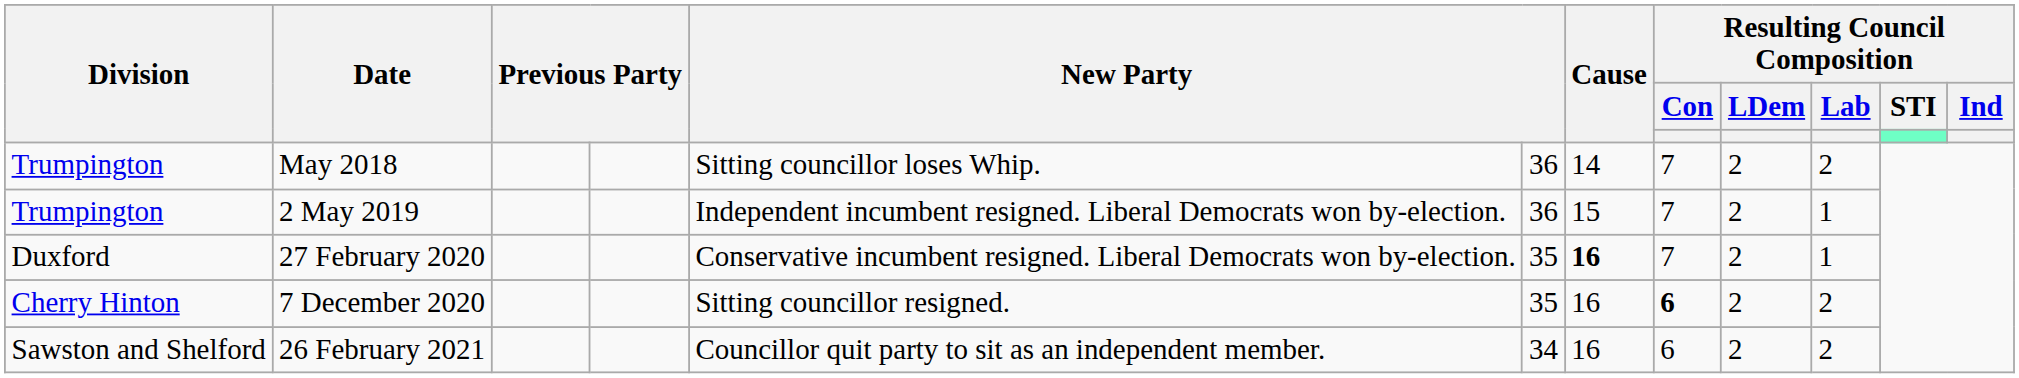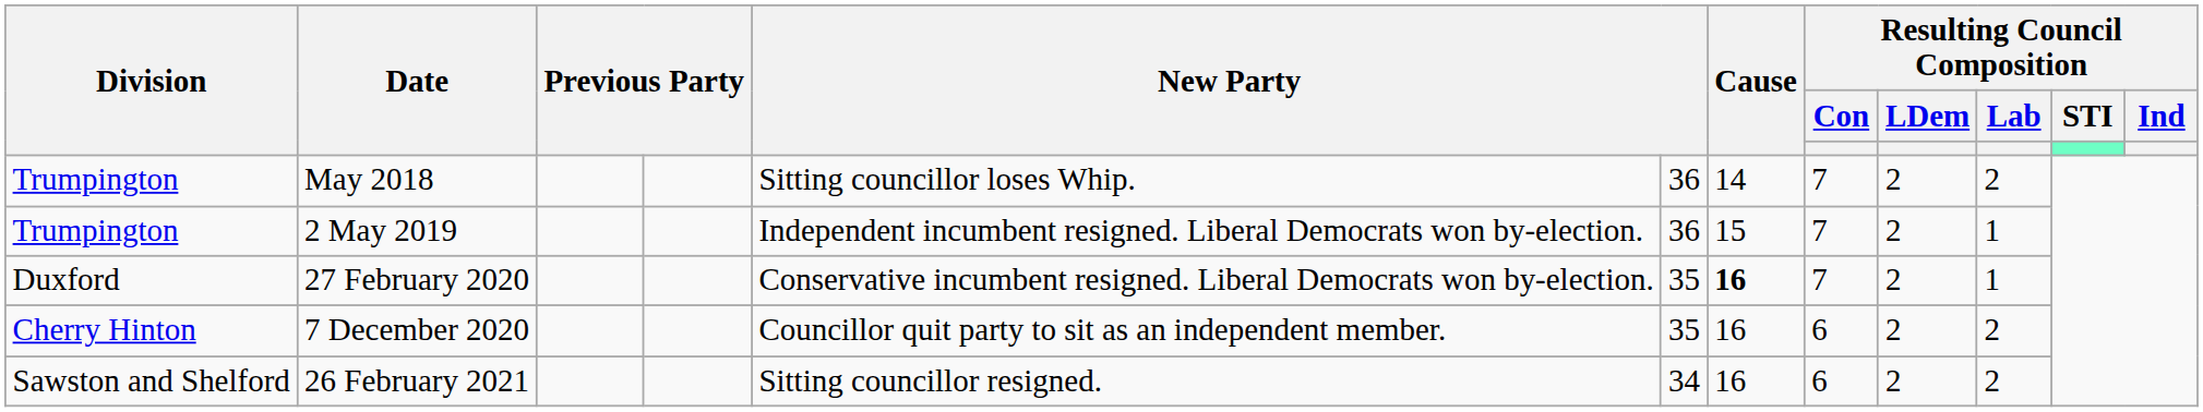 <table class="wikitable">
 <tr>
 <th !  rowspan="3">Division</th>
 <th ! rowspan="3">Date</th>
 <th !  rowspan=3  colspan=2>Previous Party</th>
 <th !  rowspan=3 colspan=2>New Party</th>
 <th ! rowspan="3">Cause</th>
 <th ! colspan="5">Resulting Council Composition</th>
 </tr>
 <tr>
 <th style="width:30px;" class="unsortable"><a href='#'>Con</a></th>
 <th style="width:30px;" class="unsortable"><a href='#'>LDem</a></th>
 <th style="width:30px;" class="unsortable"><a href='#'>Lab</a></th>
 <th style="width:30px;" class="unsortable">STI</th>
 <th style="width:30px;" class="unsortable"><a href='#'>Ind</a></th>
 </tr>
 <tr>
 <th class="unsortable" style="color:inherit;background:"></th>
 <th class="unsortable" style="color:inherit;background:"></th>
 <th class="unsortable" style="color:inherit;background:"></th>
 <th class="unsortable" style="color:inherit;background-color: #6EFFC5; width:30px;"></th>
 <th class="unsortable" style="color:inherit;background:"></th>
 </tr>
 <tr>
 <td><a href='#'>Trumpington</a></td>
 <td>May 2018</td>
 <td></td>
 <td></td>
 <td>Sitting councillor loses Whip.</td>
 <td>36</td>
 <td>14</td>
 <td>7</td>
 <td>2</td>
 <td>2</td>
 </tr>
 <tr>
 <td><a href='#'>Trumpington</a></td>
 <td>2 May 2019</td>
 <td></td>
 <td></td>
 <td>Independent incumbent resigned. Liberal Democrats won by-election.</td>
 <td>36</td>
 <td>15</td>
 <td>7</td>
 <td>2</td>
 <td>1</td>
 </tr>
 <tr>
 <td>Duxford</td>
 <td>27 February 2020</td>
 <td></td>
 <td></td>
 <td>Conservative incumbent resigned. Liberal Democrats won by-election.</td>
 <td>35</td>
 <td><strong>16</strong></td>
 <td>7</td>
 <td>2</td>
 <td>1</td>
 </tr>
 <tr>
 <td><a href='#'>Cherry Hinton</a></td>
 <td>7 December 2020</td>
 <td></td>
 <td></td>
-<td>Sitting councillor resigned.</td>
+<td>Councillor quit party to sit as an independent member.</td>
 <td>35</td>
 <td>16</td>
-<td><strong>6</strong></td>
+<td>6</td>
 <td>2</td>
 <td>2</td>
 </tr>
 <tr>
 <td>Sawston and Shelford</td>
 <td>26 February 2021</td>
 <td></td>
 <td></td>
-<td>Councillor quit party to sit as an independent member.</td>
+<td>Sitting councillor resigned.</td>
 <td>34</td>
 <td>16</td>
 <td>6</td>
 <td>2</td>
 <td>2</td>
 </tr>
 </table>
